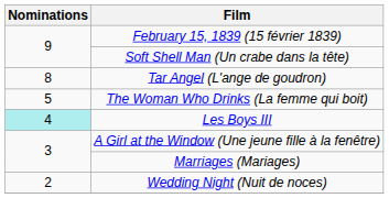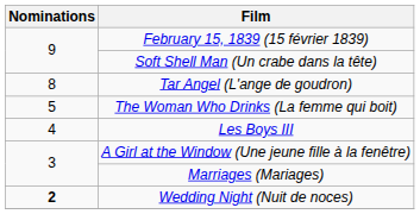 <table class="wikitable" style="text-align:center;">
 <tr>
 <th scope="col" width="17">Nominations</th>
 <th scope="col" align="center">Film</th>
 </tr>
 <tr>
 <td rowspan="2" style="text-align:center;">9</td>
 <td><em><a href='#'>February 15, 1839</a> (15 février 1839)</em></td>
 </tr>
 <tr>
 <td><em><a href='#'>Soft Shell Man</a> (Un crabe dans la tête)</em></td>
 </tr>
 <tr>
 <td rowspan="1" style="text-align:center;">8</td>
 <td><em><a href='#'>Tar Angel</a> (L'ange de goudron)</em></td>
 </tr>
 <tr>
 <td rowspan="1" style="text-align:center;">5</td>
 <td><em><a href='#'>The Woman Who Drinks</a> (La femme qui boit)</em></td>
 </tr>
 <tr>
-<td rowspan="1" style="background: paleturquoise; text-align:center;">4</td>
+<td rowspan="1" style="text-align:center;">4</td>
 <td><em><a href='#'>Les Boys III</a></em></td>
 </tr>
 <tr>
 <td rowspan="2" style="text-align:center;">3</td>
 <td><em><a href='#'>A Girl at the Window</a> (Une jeune fille à la fenêtre)</em></td>
 </tr>
 <tr>
 <td><em><a href='#'>Marriages</a> (Mariages)</em></td>
 </tr>
 <tr>
-<td rowspan="1" style="text-align:center;">2</td>
+<td rowspan="1" style="text-align:center;"><strong>2</strong></td>
 <td><em><a href='#'>Wedding Night</a> (Nuit de noces)</em></td>
 </tr>
 <tr>
 </tr>
 </table>
